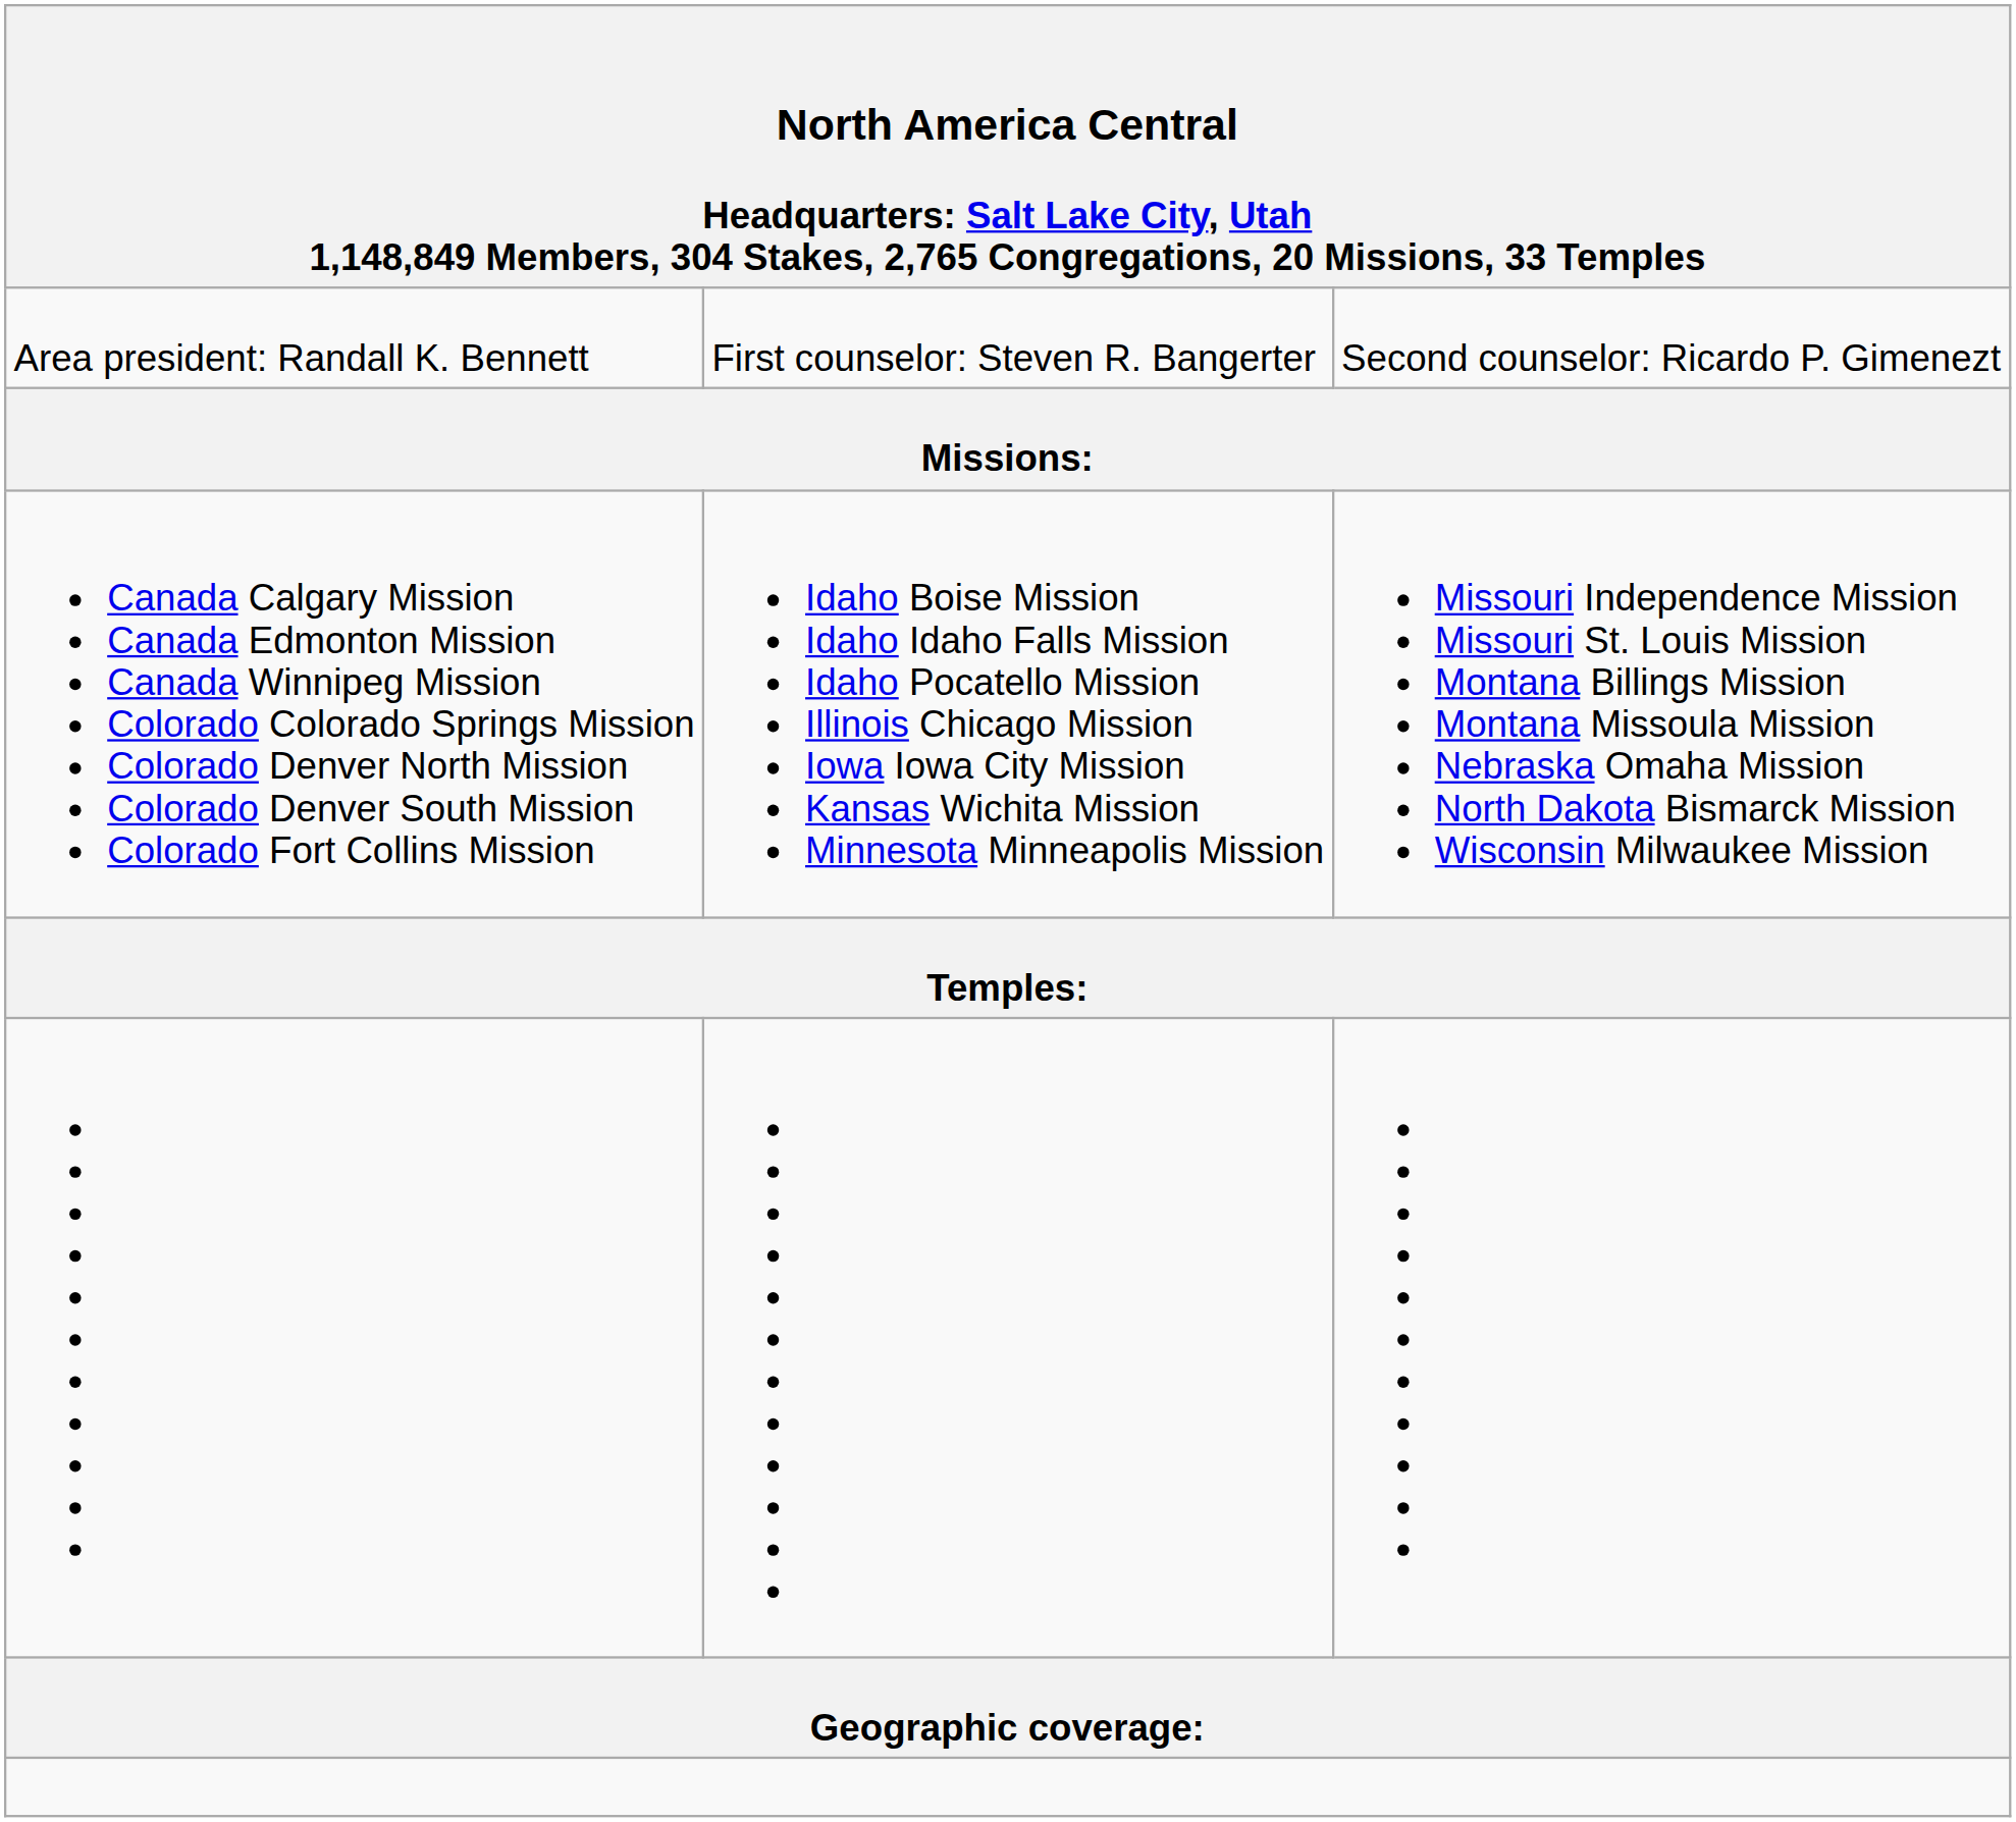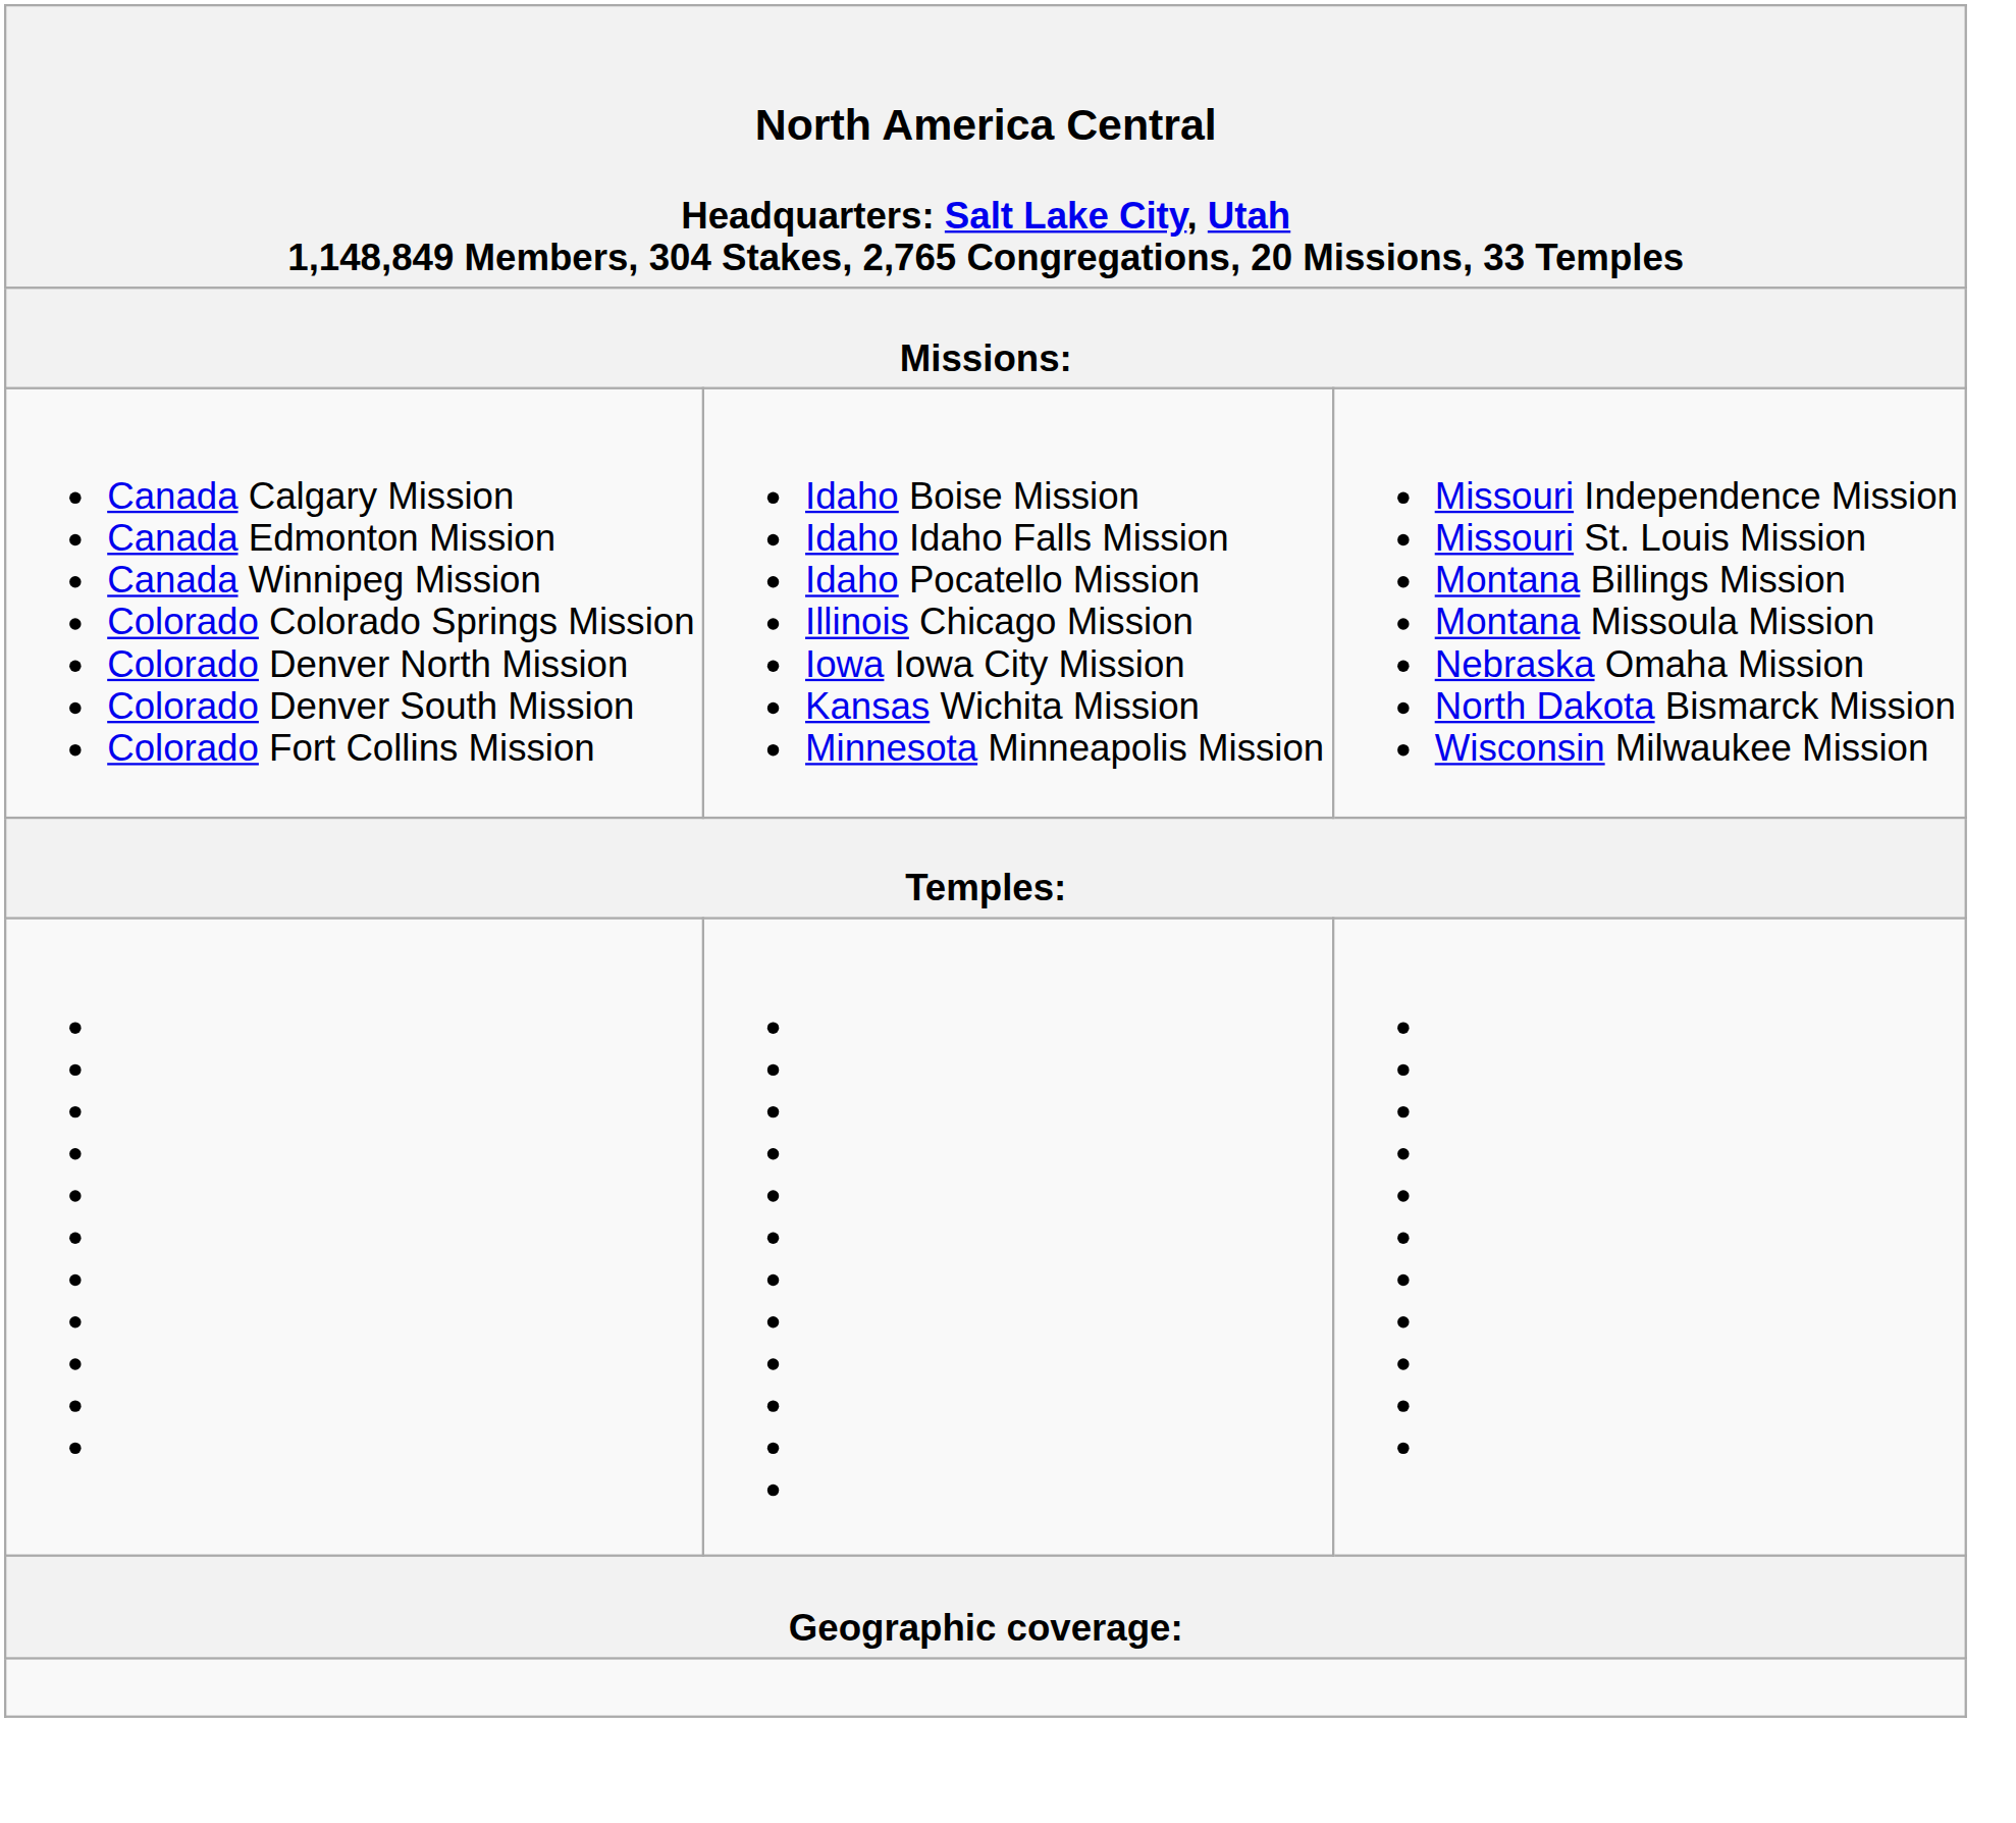 <table class=wikitable>
 <tr>
 <th colspan=3><br><h3>North America Central</h3>Headquarters:  <a href='#'>Salt Lake City</a>, <a href='#'>Utah</a><br>1,148,849 Members, 304 Stakes, 	2,765 Congregations, 20 Missions, 33 Temples</th>
-</tr>
-<tr>
-<td style="vertical-align:top"><br>Area president: Randall K. Bennett</td>
-<td style="vertical-align:top"><br>First counselor: Steven R. Bangerter</td>
-<td style="vertical-align:top"><br>Second counselor: Ricardo P. Gimenezt</td>
 </tr>
 <tr>
 <th colspan=3><br>Missions:</th>
 </tr>
 <tr>
 <td style="vertical-align:top"><br><ul><li><a href='#'>Canada</a> Calgary Mission</li><li><a href='#'>Canada</a> Edmonton Mission</li><li><a href='#'>Canada</a> Winnipeg Mission</li><li><a href='#'>Colorado</a> Colorado Springs Mission</li><li><a href='#'>Colorado</a> Denver North Mission</li><li><a href='#'>Colorado</a> Denver South Mission</li><li><a href='#'>Colorado</a> Fort Collins Mission</li></ul></td>
 <td style="vertical-align:top"><br><ul><li><a href='#'>Idaho</a> Boise Mission</li><li><a href='#'>Idaho</a> Idaho Falls Mission</li><li><a href='#'>Idaho</a> Pocatello Mission</li><li><a href='#'>Illinois</a> Chicago Mission</li><li><a href='#'>Iowa</a> Iowa City Mission</li><li><a href='#'>Kansas</a> Wichita Mission</li><li><a href='#'>Minnesota</a> Minneapolis Mission</li></ul></td>
 <td style="vertical-align:top"><br><ul><li><a href='#'>Missouri</a> Independence Mission</li><li><a href='#'>Missouri</a> St. Louis Mission</li><li><a href='#'>Montana</a> Billings Mission</li><li><a href='#'>Montana</a> Missoula Mission</li><li><a href='#'>Nebraska</a> Omaha Mission</li><li><a href='#'>North Dakota</a> Bismarck Mission</li><li><a href='#'>Wisconsin</a> Milwaukee Mission</li></ul></td>
 </tr>
 <tr>
 <th colspan=3><br>Temples:</th>
 </tr>
 <tr>
 <td style="vertical-align:top"><br><ul><li></li><li></li><li></li><li></li><li></li><li></li><li></li><li></li><li></li><li></li><li></li></ul></td>
 <td style="vertical-align:top"><br><ul><li></li><li></li><li></li><li></li><li></li><li></li><li></li><li></li><li></li><li></li><li></li><li></li></ul></td>
 <td style="vertical-align:top"><br><ul><li></li><li></li><li></li><li></li><li></li><li></li><li></li><li></li><li></li><li></li><li></li></ul></td>
 </tr>
 <tr>
 <th colspan=3><br>Geographic coverage:</th>
 </tr>
 <tr>
 <td style="vertical-align:top" colspan=3><br></td>
 </tr>
 </table>
